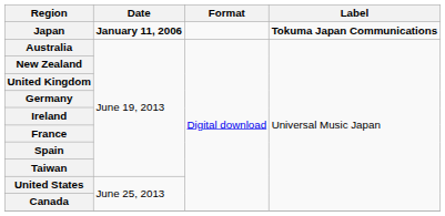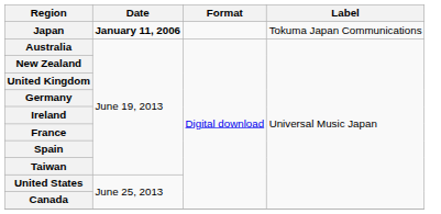 <table class="wikitable plainrowheaders">
 <tr>
 <th scope="col">Region</th>
 <th scope="col">Date</th>
 <th scope="col">Format</th>
 <th scope="col">Label</th>
 </tr>
 <tr>
 <th scope="row">Japan</th>
 <td><strong>January 11, 2006</strong></td>
 <td></td>
-<td><strong>Tokuma Japan Communications</strong></td>
+<td>Tokuma Japan Communications</td>
 </tr>
 <tr>
 <th scope="row">Australia</th>
 <td rowspan="8">June 19, 2013</td>
 <td rowspan="10"><a href='#'>Digital download</a></td>
 <td rowspan="10">Universal Music Japan</td>
 </tr>
 <tr>
 <th scope="row">New Zealand</th>
 </tr>
 <tr>
 <th scope="row">United Kingdom</th>
 </tr>
 <tr>
 <th scope="row">Germany</th>
 </tr>
 <tr>
 <th scope="row">Ireland</th>
 </tr>
 <tr>
 <th scope="row">France</th>
 </tr>
 <tr>
 <th scope="row">Spain</th>
 </tr>
 <tr>
 <th scope="row">Taiwan</th>
 </tr>
 <tr>
 <th scope="row">United States</th>
 <td rowspan="2">June 25, 2013</td>
 </tr>
 <tr>
 <th scope="row">Canada</th>
 </tr>
 <tr>
 </tr>
 </table>
